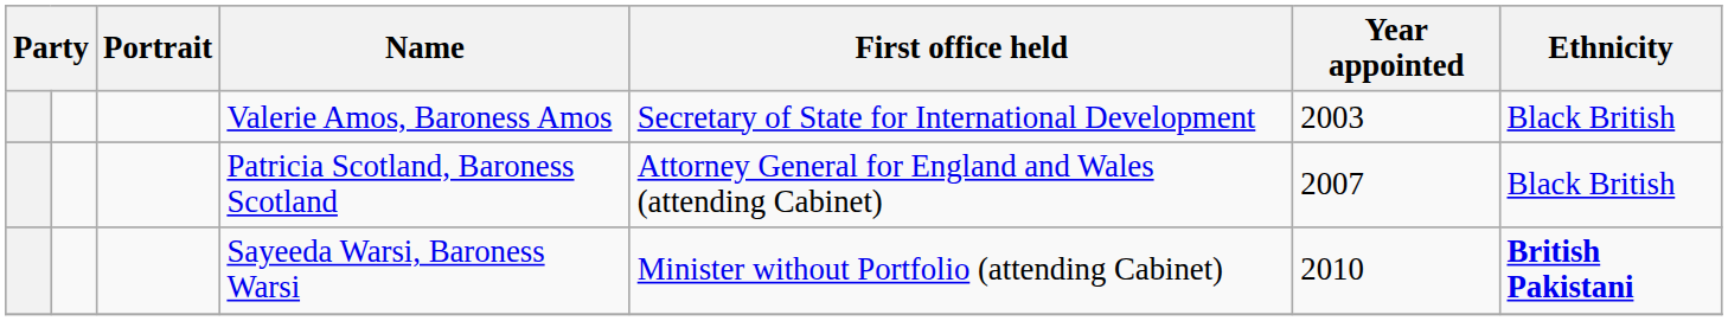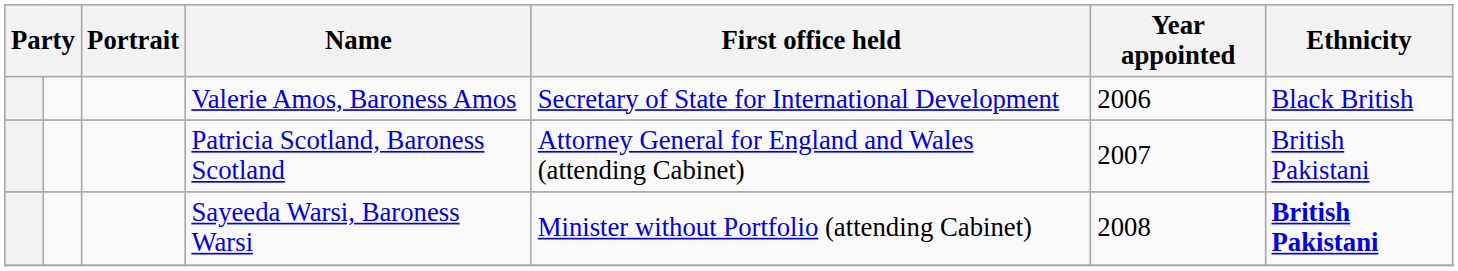 <table class="wikitable sortable">
 <tr>
 <th colspan=2>Party</th>
 <th>Portrait</th>
 <th>Name</th>
 <th>First office held</th>
 <th>Year appointed</th>
 <th>Ethnicity</th>
 </tr>
 <tr>
 <th style="background-color: "></th>
 <td></td>
 <td></td>
 <td><a href='#'>Valerie Amos, Baroness Amos</a></td>
 <td><a href='#'>Secretary of State for International Development</a></td>
-<td>2003</td>
+<td>2006</td>
 <td><a href='#'>Black British</a></td>
 </tr>
 <tr>
 <th style="background-color: "></th>
 <td></td>
 <td></td>
 <td><a href='#'>Patricia Scotland, Baroness Scotland</a></td>
 <td><a href='#'>Attorney General for England and Wales</a> (attending Cabinet)</td>
 <td>2007</td>
-<td><a href='#'>Black British</a></td>
+<td><a href='#'>British Pakistani</a></td>
 </tr>
 <tr>
 <th style="background-color: "></th>
 <td></td>
 <td></td>
 <td><a href='#'>Sayeeda Warsi, Baroness Warsi</a></td>
 <td><a href='#'>Minister without Portfolio</a> (attending Cabinet)</td>
-<td>2010</td>
+<td>2008</td>
 <td><strong><a href='#'>British Pakistani</a></strong></td>
 </tr>
 <tr>
 </tr>
 </table>
